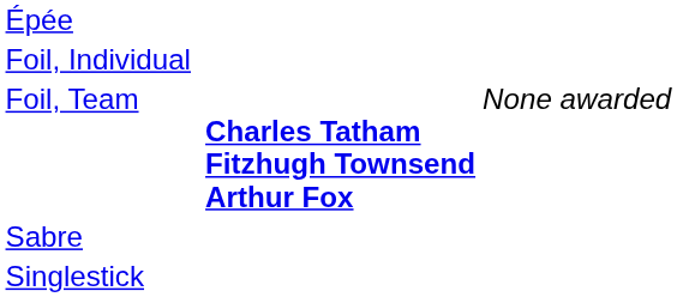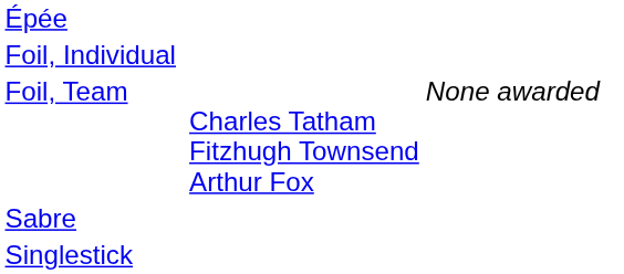 <table>
 <tr>
 <td><a href='#'>Épée</a><br></td>
 <td></td>
 <td></td>
 <td></td>
 </tr>
 <tr>
 <td><a href='#'>Foil, Individual</a><br></td>
 <td></td>
 <td></td>
 <td></td>
 </tr>
 <tr valign="top">
 <td><a href='#'>Foil, Team</a><br></td>
 <td><br><br><br></td>
-<td><strong><br><a href='#'>Charles Tatham</a><br><a href='#'>Fitzhugh Townsend</a><br><a href='#'>Arthur Fox</a></strong></td>
+<td><br><a href='#'>Charles Tatham</a><br><a href='#'>Fitzhugh Townsend</a><br><a href='#'>Arthur Fox</a></td>
 <td colspan="2" align="center"><em>None awarded</em></td>
 </tr>
 <tr>
 <td><a href='#'>Sabre</a><br></td>
 <td></td>
 <td></td>
 <td></td>
 </tr>
 <tr>
 <td><a href='#'>Singlestick</a><br></td>
 <td></td>
 <td></td>
 <td></td>
 </tr>
 </table>
